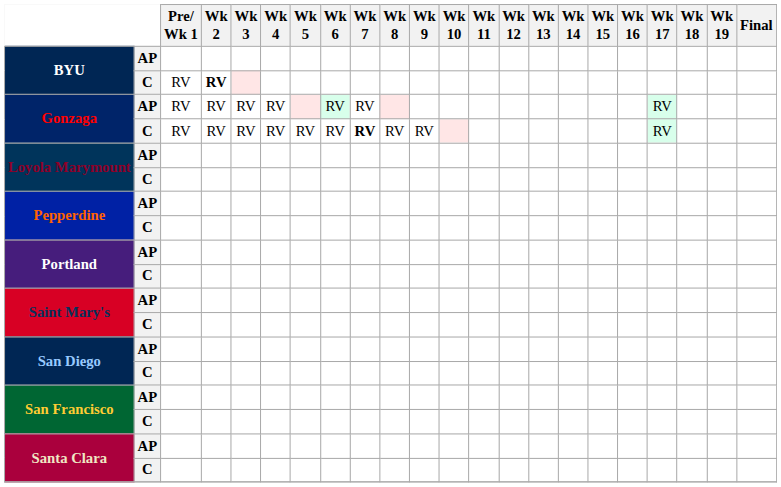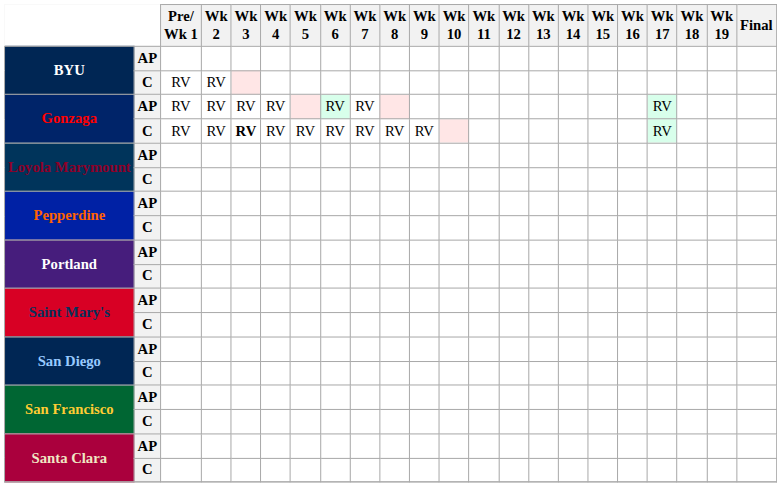 <table class="wikitable" style="white-space:nowrap;font-size:90%;">
 <tr>
 <th colspan=2 style="background:white; border-top-style:hidden; border-left-style:hidden;"> </th>
 <th>Pre/<br>Wk 1</th>
 <th>Wk<br>2</th>
 <th>Wk<br>3</th>
 <th>Wk<br>4</th>
 <th>Wk<br>5</th>
 <th>Wk<br>6</th>
 <th>Wk<br>7</th>
 <th>Wk<br>8</th>
 <th>Wk<br>9</th>
 <th>Wk<br>10</th>
 <th>Wk<br>11</th>
 <th>Wk<br>12</th>
 <th>Wk<br>13</th>
 <th>Wk<br>14</th>
 <th>Wk<br>15</th>
 <th>Wk<br>16</th>
 <th>Wk<br>17</th>
 <th>Wk<br>18</th>
 <th>Wk<br>19</th>
 <th>Final</th>
 </tr>
 <tr style="text-align:center;">
 <th rowspan=2 style="background:#002654; color:white;">BYU</th>
 <th>AP</th>
 <td style="background:#FFF;"></td>
 <td style="background:#FFF;"></td>
 <td style="background:#FFF;"></td>
 <td style="background:#FFF;"></td>
 <td style="background:#FFF;"></td>
 <td style="background:#FFF;"></td>
 <td style="background:#FFF;"></td>
 <td style="background:#FFF;"></td>
 <td style="background:#FFF;"></td>
 <td style="background:#FFF;"></td>
 <td style="background:#FFF;"></td>
 <td style="background:#FFF;"></td>
 <td style="background:#FFF;"></td>
 <td style="background:#FFF;"></td>
 <td style="background:#FFF;"></td>
 <td style="background:#FFF;"></td>
 <td style="background:#FFF;"></td>
 <td style="background:#FFF;"></td>
 <td style="background:#FFF;"></td>
 <td style="background:#FFF;"></td>
 </tr>
 <tr style="text-align:center;">
 <th>C</th>
 <td style="background:#FFF;">RV</td>
-<td style="background:#FFF;"><strong>RV</strong></td>
+<td style="background:#FFF;">RV</td>
 <td style="background:#FFE6E6;"></td>
 <td style="background:#FFF;"></td>
 <td style="background:#FFF;"></td>
 <td style="background:#FFF;"></td>
 <td style="background:#FFF;"></td>
 <td style="background:#FFF;"></td>
 <td style="background:#FFF;"></td>
 <td style="background:#FFF;"></td>
 <td style="background:#FFF;"></td>
 <td style="background:#FFF;"></td>
 <td style="background:#FFF;"></td>
 <td style="background:#FFF;"></td>
 <td style="background:#FFF;"></td>
 <td style="background:#FFF;"></td>
 <td style="background:#FFF;"></td>
 <td style="background:#FFF;"></td>
 <td style="background:#FFF;"></td>
 <td style="background:#FFF;"></td>
 </tr>
 <tr style="text-align:center;">
 <th rowspan=2 style="background:#002469; color:red;">Gonzaga</th>
 <th>AP</th>
 <td style="background:#FFF;">RV</td>
 <td style="background:#FFF;">RV</td>
 <td style="background:#FFF;">RV</td>
 <td style="background:#FFF;">RV</td>
 <td style="background:#FFE6E6;"></td>
 <td style="background:#D8FFEB;">RV</td>
 <td style="background:#FFF;">RV</td>
 <td style="background:#FFE6E6;"></td>
 <td style="background:#FFF;"></td>
 <td style="background:#FFF;"></td>
 <td style="background:#FFF;"></td>
 <td style="background:#FFF;"></td>
 <td style="background:#FFF;"></td>
 <td style="background:#FFF;"></td>
 <td style="background:#FFF;"></td>
 <td style="background:#FFF;"></td>
 <td style="background:#D8FFEB;">RV</td>
 <td style="background:#FFF;"></td>
 <td style="background:#FFF;"></td>
 <td style="background:#FFF;"></td>
 </tr>
 <tr style="text-align:center;">
 <th>C</th>
 <td style="background:#FFF;">RV</td>
 <td style="background:#FFF;">RV</td>
+<td style="background:#FFF;"><strong>RV</strong></td>
 <td style="background:#FFF;">RV</td>
 <td style="background:#FFF;">RV</td>
 <td style="background:#FFF;">RV</td>
 <td style="background:#FFF;">RV</td>
-<td style="background:#FFF;"><strong>RV</strong></td>
 <td style="background:#FFF;">RV</td>
 <td style="background:#FFF;">RV</td>
 <td style="background:#FFE6E6;"></td>
 <td style="background:#FFF;"></td>
 <td style="background:#FFF;"></td>
 <td style="background:#FFF;"></td>
 <td style="background:#FFF;"></td>
 <td style="background:#FFF;"></td>
 <td style="background:#FFF;"></td>
 <td style="background:#D8FFEB;">RV</td>
 <td style="background:#FFF;"></td>
 <td style="background:#FFF;"></td>
 <td style="background:#FFF;"></td>
 </tr>
 <tr style="text-align:center;">
 <th rowspan=2 style="background:#00345B; color:#8E0028;">Loyola Marymount</th>
 <th>AP</th>
 <td style="background:#FFF;"></td>
 <td style="background:#FFF;"></td>
 <td style="background:#FFF;"></td>
 <td style="background:#FFF;"></td>
 <td style="background:#FFF;"></td>
 <td style="background:#FFF;"></td>
 <td style="background:#FFF;"></td>
 <td style="background:#FFF;"></td>
 <td style="background:#FFF;"></td>
 <td style="background:#FFF;"></td>
 <td style="background:#FFF;"></td>
 <td style="background:#FFF;"></td>
 <td style="background:#FFF;"></td>
 <td style="background:#FFF;"></td>
 <td style="background:#FFF;"></td>
 <td style="background:#FFF;"></td>
 <td style="background:#FFF;"></td>
 <td style="background:#FFF;"></td>
 <td style="background:#FFF;"></td>
 <td style="background:#FFF;"></td>
 </tr>
 <tr style="text-align:center;">
 <th>C</th>
 <td style="background:#FFF;"></td>
 <td style="background:#FFF;"></td>
 <td style="background:#FFF;"></td>
 <td style="background:#FFF;"></td>
 <td style="background:#FFF;"></td>
 <td style="background:#FFF;"></td>
 <td style="background:#FFF;"></td>
 <td style="background:#FFF;"></td>
 <td style="background:#FFF;"></td>
 <td style="background:#FFF;"></td>
 <td style="background:#FFF;"></td>
 <td style="background:#FFF;"></td>
 <td style="background:#FFF;"></td>
 <td style="background:#FFF;"></td>
 <td style="background:#FFF;"></td>
 <td style="background:#FFF;"></td>
 <td style="background:#FFF;"></td>
 <td style="background:#FFF;"></td>
 <td style="background:#FFF;"></td>
 <td style="background:#FFF;"></td>
 </tr>
 <tr style="text-align:center;">
 <th rowspan=2 style="background:#0021A5; color:#FF6200;">Pepperdine</th>
 <th>AP</th>
 <td style="background:#FFF;"></td>
 <td style="background:#FFF;"></td>
 <td style="background:#FFF;"></td>
 <td style="background:#FFF;"></td>
 <td style="background:#FFF;"></td>
 <td style="background:#FFF;"></td>
 <td style="background:#FFF;"></td>
 <td style="background:#FFF;"></td>
 <td style="background:#FFF;"></td>
 <td style="background:#FFF;"></td>
 <td style="background:#FFF;"></td>
 <td style="background:#FFF;"></td>
 <td style="background:#FFF;"></td>
 <td style="background:#FFF;"></td>
 <td style="background:#FFF;"></td>
 <td style="background:#FFF;"></td>
 <td style="background:#FFF;"></td>
 <td style="background:#FFF;"></td>
 <td style="background:#FFF;"></td>
 <td style="background:#FFF;"></td>
 </tr>
 <tr style="text-align:center;">
 <th>C</th>
 <td style="background:#FFF;"></td>
 <td style="background:#FFF;"></td>
 <td style="background:#FFF;"></td>
 <td style="background:#FFF;"></td>
 <td style="background:#FFF;"></td>
 <td style="background:#FFF;"></td>
 <td style="background:#FFF;"></td>
 <td style="background:#FFF;"></td>
 <td style="background:#FFF;"></td>
 <td style="background:#FFF;"></td>
 <td style="background:#FFF;"></td>
 <td style="background:#FFF;"></td>
 <td style="background:#FFF;"></td>
 <td style="background:#FFF;"></td>
 <td style="background:#FFF;"></td>
 <td style="background:#FFF;"></td>
 <td style="background:#FFF;"></td>
 <td style="background:#FFF;"></td>
 <td style="background:#FFF;"></td>
 <td style="background:#FFF;"></td>
 </tr>
 <tr style="text-align:center;">
 <th rowspan=2 style="background:#461D7C; color:white;">Portland</th>
 <th>AP</th>
 <td style="background:#FFF;"></td>
 <td style="background:#FFF;"></td>
 <td style="background:#FFF;"></td>
 <td style="background:#FFF;"></td>
 <td style="background:#FFF;"></td>
 <td style="background:#FFF;"></td>
 <td style="background:#FFF;"></td>
 <td style="background:#FFF;"></td>
 <td style="background:#FFF;"></td>
 <td style="background:#FFF;"></td>
 <td style="background:#FFF;"></td>
 <td style="background:#FFF;"></td>
 <td style="background:#FFF;"></td>
 <td style="background:#FFF;"></td>
 <td style="background:#FFF;"></td>
 <td style="background:#FFF;"></td>
 <td style="background:#FFF;"></td>
 <td style="background:#FFF;"></td>
 <td style="background:#FFF;"></td>
 <td style="background:#FFF;"></td>
 </tr>
 <tr style="text-align:center;">
 <th>C</th>
 <td style="background:#FFF;"></td>
 <td style="background:#FFF;"></td>
 <td style="background:#FFF;"></td>
 <td style="background:#FFF;"></td>
 <td style="background:#FFF;"></td>
 <td style="background:#FFF;"></td>
 <td style="background:#FFF;"></td>
 <td style="background:#FFF;"></td>
 <td style="background:#FFF;"></td>
 <td style="background:#FFF;"></td>
 <td style="background:#FFF;"></td>
 <td style="background:#FFF;"></td>
 <td style="background:#FFF;"></td>
 <td style="background:#FFF;"></td>
 <td style="background:#FFF;"></td>
 <td style="background:#FFF;"></td>
 <td style="background:#FFF;"></td>
 <td style="background:#FFF;"></td>
 <td style="background:#FFF;"></td>
 <td style="background:#FFF;"></td>
 </tr>
 <tr style="text-align:center;">
 <th rowspan=2 style="background:#D80024; color:#06315B;">Saint Mary's</th>
 <th>AP</th>
 <td style="background:#FFF;"></td>
 <td style="background:#FFF;"></td>
 <td style="background:#FFF;"></td>
 <td style="background:#FFF;"></td>
 <td style="background:#FFF;"></td>
 <td style="background:#FFF;"></td>
 <td style="background:#FFF;"></td>
 <td style="background:#FFF;"></td>
 <td style="background:#FFF;"></td>
 <td style="background:#FFF;"></td>
 <td style="background:#FFF;"></td>
 <td style="background:#FFF;"></td>
 <td style="background:#FFF;"></td>
 <td style="background:#FFF;"></td>
 <td style="background:#FFF;"></td>
 <td style="background:#FFF;"></td>
 <td style="background:#FFF;"></td>
 <td style="background:#FFF;"></td>
 <td style="background:#FFF;"></td>
 <td style="background:#FFF;"></td>
 </tr>
 <tr style="text-align:center;">
 <th>C</th>
 <td style="background:#FFF;"></td>
 <td style="background:#FFF;"></td>
 <td style="background:#FFF;"></td>
 <td style="background:#FFF;"></td>
 <td style="background:#FFF;"></td>
 <td style="background:#FFF;"></td>
 <td style="background:#FFF;"></td>
 <td style="background:#FFF;"></td>
 <td style="background:#FFF;"></td>
 <td style="background:#FFF;"></td>
 <td style="background:#FFF;"></td>
 <td style="background:#FFF;"></td>
 <td style="background:#FFF;"></td>
 <td style="background:#FFF;"></td>
 <td style="background:#FFF;"></td>
 <td style="background:#FFF;"></td>
 <td style="background:#FFF;"></td>
 <td style="background:#FFF;"></td>
 <td style="background:#FFF;"></td>
 <td style="background:#FFF;"></td>
 </tr>
 <tr style="text-align:center;">
 <th rowspan=2 style="background:#002654; color:#97CAFF;">San Diego</th>
 <th>AP</th>
 <td style="background:#FFF;"></td>
 <td style="background:#FFF;"></td>
 <td style="background:#FFF;"></td>
 <td style="background:#FFF;"></td>
 <td style="background:#FFF;"></td>
 <td style="background:#FFF;"></td>
 <td style="background:#FFF;"></td>
 <td style="background:#FFF;"></td>
 <td style="background:#FFF;"></td>
 <td style="background:#FFF;"></td>
 <td style="background:#FFF;"></td>
 <td style="background:#FFF;"></td>
 <td style="background:#FFF;"></td>
 <td style="background:#FFF;"></td>
 <td style="background:#FFF;"></td>
 <td style="background:#FFF;"></td>
 <td style="background:#FFF;"></td>
 <td style="background:#FFF;"></td>
 <td style="background:#FFF;"></td>
 <td style="background:#FFF;"></td>
 </tr>
 <tr style="text-align:center;">
 <th>C</th>
 <td style="background:#FFF;"></td>
 <td style="background:#FFF;"></td>
 <td style="background:#FFF;"></td>
 <td style="background:#FFF;"></td>
 <td style="background:#FFF;"></td>
 <td style="background:#FFF;"></td>
 <td style="background:#FFF;"></td>
 <td style="background:#FFF;"></td>
 <td style="background:#FFF;"></td>
 <td style="background:#FFF;"></td>
 <td style="background:#FFF;"></td>
 <td style="background:#FFF;"></td>
 <td style="background:#FFF;"></td>
 <td style="background:#FFF;"></td>
 <td style="background:#FFF;"></td>
 <td style="background:#FFF;"></td>
 <td style="background:#FFF;"></td>
 <td style="background:#FFF;"></td>
 <td style="background:#FFF;"></td>
 <td style="background:#FFF;"></td>
 </tr>
 <tr style="text-align:center;">
 <th rowspan=2 style="background:#006633; color:#FFCC33;">San Francisco</th>
 <th>AP</th>
 <td style="background:#FFF;"></td>
 <td style="background:#FFF;"></td>
 <td style="background:#FFF;"></td>
 <td style="background:#FFF;"></td>
 <td style="background:#FFF;"></td>
 <td style="background:#FFF;"></td>
 <td style="background:#FFF;"></td>
 <td style="background:#FFF;"></td>
 <td style="background:#FFF;"></td>
 <td style="background:#FFF;"></td>
 <td style="background:#FFF;"></td>
 <td style="background:#FFF;"></td>
 <td style="background:#FFF;"></td>
 <td style="background:#FFF;"></td>
 <td style="background:#FFF;"></td>
 <td style="background:#FFF;"></td>
 <td style="background:#FFF;"></td>
 <td style="background:#FFF;"></td>
 <td style="background:#FFF;"></td>
 <td style="background:#FFF;"></td>
 </tr>
 <tr style="text-align:center;">
 <th>C</th>
 <td style="background:#FFF;"></td>
 <td style="background:#FFF;"></td>
 <td style="background:#FFF;"></td>
 <td style="background:#FFF;"></td>
 <td style="background:#FFF;"></td>
 <td style="background:#FFF;"></td>
 <td style="background:#FFF;"></td>
 <td style="background:#FFF;"></td>
 <td style="background:#FFF;"></td>
 <td style="background:#FFF;"></td>
 <td style="background:#FFF;"></td>
 <td style="background:#FFF;"></td>
 <td style="background:#FFF;"></td>
 <td style="background:#FFF;"></td>
 <td style="background:#FFF;"></td>
 <td style="background:#FFF;"></td>
 <td style="background:#FFF;"></td>
 <td style="background:#FFF;"></td>
 <td style="background:#FFF;"></td>
 <td style="background:#FFF;"></td>
 </tr>
 <tr style="text-align:center;">
 <th rowspan=2 style="background:#AA003D; color:#F0E8C4;">Santa Clara</th>
 <th>AP</th>
 <td style="background:#FFF;"></td>
 <td style="background:#FFF;"></td>
 <td style="background:#FFF;"></td>
 <td style="background:#FFF;"></td>
 <td style="background:#FFF;"></td>
 <td style="background:#FFF;"></td>
 <td style="background:#FFF;"></td>
 <td style="background:#FFF;"></td>
 <td style="background:#FFF;"></td>
 <td style="background:#FFF;"></td>
 <td style="background:#FFF;"></td>
 <td style="background:#FFF;"></td>
 <td style="background:#FFF;"></td>
 <td style="background:#FFF;"></td>
 <td style="background:#FFF;"></td>
 <td style="background:#FFF;"></td>
 <td style="background:#FFF;"></td>
 <td style="background:#FFF;"></td>
 <td style="background:#FFF;"></td>
 <td style="background:#FFF;"></td>
 </tr>
 <tr style="text-align:center;">
 <th>C</th>
 <td style="background:#FFF;"></td>
 <td style="background:#FFF;"></td>
 <td style="background:#FFF;"></td>
 <td style="background:#FFF;"></td>
 <td style="background:#FFF;"></td>
 <td style="background:#FFF;"></td>
 <td style="background:#FFF;"></td>
 <td style="background:#FFF;"></td>
 <td style="background:#FFF;"></td>
 <td style="background:#FFF;"></td>
 <td style="background:#FFF;"></td>
 <td style="background:#FFF;"></td>
 <td style="background:#FFF;"></td>
 <td style="background:#FFF;"></td>
 <td style="background:#FFF;"></td>
 <td style="background:#FFF;"></td>
 <td style="background:#FFF;"></td>
 <td style="background:#FFF;"></td>
 <td style="background:#FFF;"></td>
 <td style="background:#FFF;"></td>
 </tr>
 <tr>
 </tr>
 </table>
